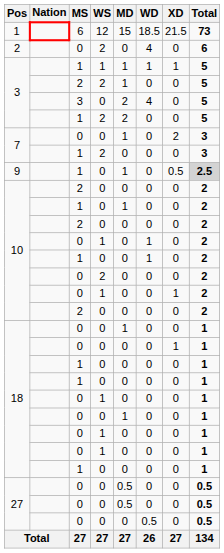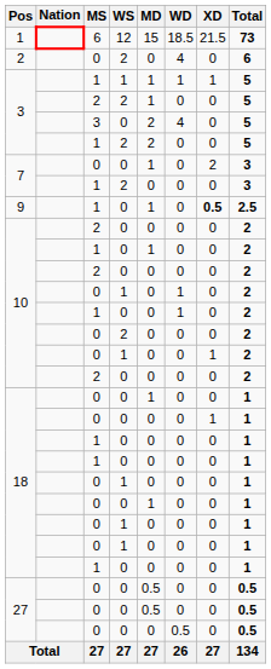 <table class="wikitable" style="text-align:center">
 <tr>
 <th>Pos</th>
 <th>Nation</th>
 <th>MS</th>
 <th>WS</th>
 <th>MD</th>
 <th>WD</th>
 <th>XD</th>
 <th>Total</th>
 </tr>
 <tr>
 <td>1</td>
 <td align=left style="border: 3px solid red"><strong></strong></td>
 <td>6</td>
 <td>12</td>
 <td>15</td>
 <td>18.5</td>
 <td>21.5</td>
 <td><strong>73</strong></td>
 </tr>
 <tr>
 <td>2</td>
 <td align=left></td>
 <td>0</td>
 <td>2</td>
 <td>0</td>
 <td>4</td>
 <td>0</td>
 <td><strong>6</strong></td>
 </tr>
 <tr>
 <td rowspan=4>3</td>
 <td align=left></td>
 <td>1</td>
 <td>1</td>
 <td>1</td>
 <td>1</td>
 <td>1</td>
 <td><strong>5</strong></td>
 </tr>
 <tr>
 <td align=left></td>
 <td>2</td>
 <td>2</td>
 <td>1</td>
 <td>0</td>
 <td>0</td>
 <td><strong>5</strong></td>
 </tr>
 <tr>
 <td align=left></td>
 <td>3</td>
 <td>0</td>
 <td>2</td>
 <td>4</td>
 <td>0</td>
 <td><strong>5</strong></td>
 </tr>
 <tr>
 <td align=left></td>
 <td>1</td>
 <td>2</td>
 <td>2</td>
 <td>0</td>
 <td>0</td>
 <td><strong>5</strong></td>
 </tr>
 <tr>
 <td rowspan=2>7</td>
 <td align=left></td>
 <td>0</td>
 <td>0</td>
 <td>1</td>
 <td>0</td>
 <td>2</td>
 <td><strong>3</strong></td>
 </tr>
 <tr>
 <td align=left></td>
 <td>1</td>
 <td>2</td>
 <td>0</td>
 <td>0</td>
 <td>0</td>
 <td><strong>3</strong></td>
 </tr>
 <tr>
 <td>9</td>
 <td align=left></td>
 <td>1</td>
 <td>0</td>
 <td>1</td>
 <td>0</td>
-<td>0.5</td>
-<td style="background: lightgrey;"><strong>2.5</strong></td>
+<td><strong>0.5</strong></td>
+<td><strong>2.5</strong></td>
 </tr>
 <tr>
 <td rowspan="8">10</td>
 <td align=left></td>
 <td>2</td>
 <td>0</td>
 <td>0</td>
 <td>0</td>
 <td>0</td>
 <td><strong>2</strong></td>
 </tr>
 <tr>
 <td align=left></td>
 <td>1</td>
 <td>0</td>
 <td>1</td>
 <td>0</td>
 <td>0</td>
 <td><strong>2</strong></td>
 </tr>
 <tr>
 <td align=left></td>
 <td>2</td>
 <td>0</td>
 <td>0</td>
 <td>0</td>
 <td>0</td>
 <td><strong>2</strong></td>
 </tr>
 <tr>
 <td align=left></td>
 <td>0</td>
 <td>1</td>
 <td>0</td>
 <td>1</td>
 <td>0</td>
 <td><strong>2</strong></td>
 </tr>
 <tr>
 <td align=left></td>
 <td>1</td>
 <td>0</td>
 <td>0</td>
 <td>1</td>
 <td>0</td>
 <td><strong>2</strong></td>
 </tr>
 <tr>
 <td align=left></td>
 <td>0</td>
 <td>2</td>
 <td>0</td>
 <td>0</td>
 <td>0</td>
 <td><strong>2</strong></td>
 </tr>
 <tr>
 <td align=left></td>
 <td>0</td>
 <td>1</td>
 <td>0</td>
 <td>0</td>
 <td>1</td>
 <td><strong>2</strong></td>
 </tr>
 <tr>
 <td align=left></td>
 <td>2</td>
 <td>0</td>
 <td>0</td>
 <td>0</td>
 <td>0</td>
 <td><strong>2</strong></td>
 </tr>
 <tr>
 <td rowspan="9">18</td>
 <td align=left></td>
 <td>0</td>
 <td>0</td>
 <td>1</td>
 <td>0</td>
 <td>0</td>
 <td><strong>1</strong></td>
 </tr>
 <tr>
 <td align=left></td>
 <td>0</td>
 <td>0</td>
 <td>0</td>
 <td>0</td>
 <td>1</td>
 <td><strong>1</strong></td>
 </tr>
 <tr>
 <td align=left></td>
 <td>1</td>
 <td>0</td>
 <td>0</td>
 <td>0</td>
 <td>0</td>
 <td><strong>1</strong></td>
 </tr>
 <tr>
 <td align=left></td>
 <td>1</td>
 <td>0</td>
 <td>0</td>
 <td>0</td>
 <td>0</td>
 <td><strong>1</strong></td>
 </tr>
 <tr>
 <td align=left></td>
 <td>0</td>
 <td>1</td>
 <td>0</td>
 <td>0</td>
 <td>0</td>
 <td><strong>1</strong></td>
 </tr>
 <tr>
 <td align=left></td>
 <td>0</td>
 <td>0</td>
 <td>1</td>
 <td>0</td>
 <td>0</td>
 <td><strong>1</strong></td>
 </tr>
 <tr>
 <td align=left></td>
 <td>0</td>
 <td>1</td>
 <td>0</td>
 <td>0</td>
 <td>0</td>
 <td><strong>1</strong></td>
 </tr>
 <tr>
 <td align=left></td>
 <td>0</td>
 <td>1</td>
 <td>0</td>
 <td>0</td>
 <td>0</td>
 <td><strong>1</strong></td>
 </tr>
 <tr>
 <td align=left></td>
 <td>1</td>
 <td>0</td>
 <td>0</td>
 <td>0</td>
 <td>0</td>
 <td><strong>1</strong></td>
 </tr>
 <tr>
 <td rowspan="3">27</td>
 <td align=left></td>
 <td>0</td>
 <td>0</td>
 <td>0.5</td>
 <td>0</td>
 <td>0</td>
 <td><strong>0.5</strong></td>
 </tr>
 <tr>
 <td align=left></td>
 <td>0</td>
 <td>0</td>
 <td>0.5</td>
 <td>0</td>
 <td>0</td>
 <td><strong>0.5</strong></td>
 </tr>
 <tr>
 <td align=left></td>
 <td>0</td>
 <td>0</td>
 <td>0</td>
 <td>0.5</td>
 <td>0</td>
 <td><strong>0.5</strong></td>
 </tr>
 <tr>
 <th colspan="2">Total</th>
 <th>27</th>
 <th>27</th>
 <th>27</th>
 <th>26</th>
 <th>27</th>
 <th>134</th>
 </tr>
 </table>
